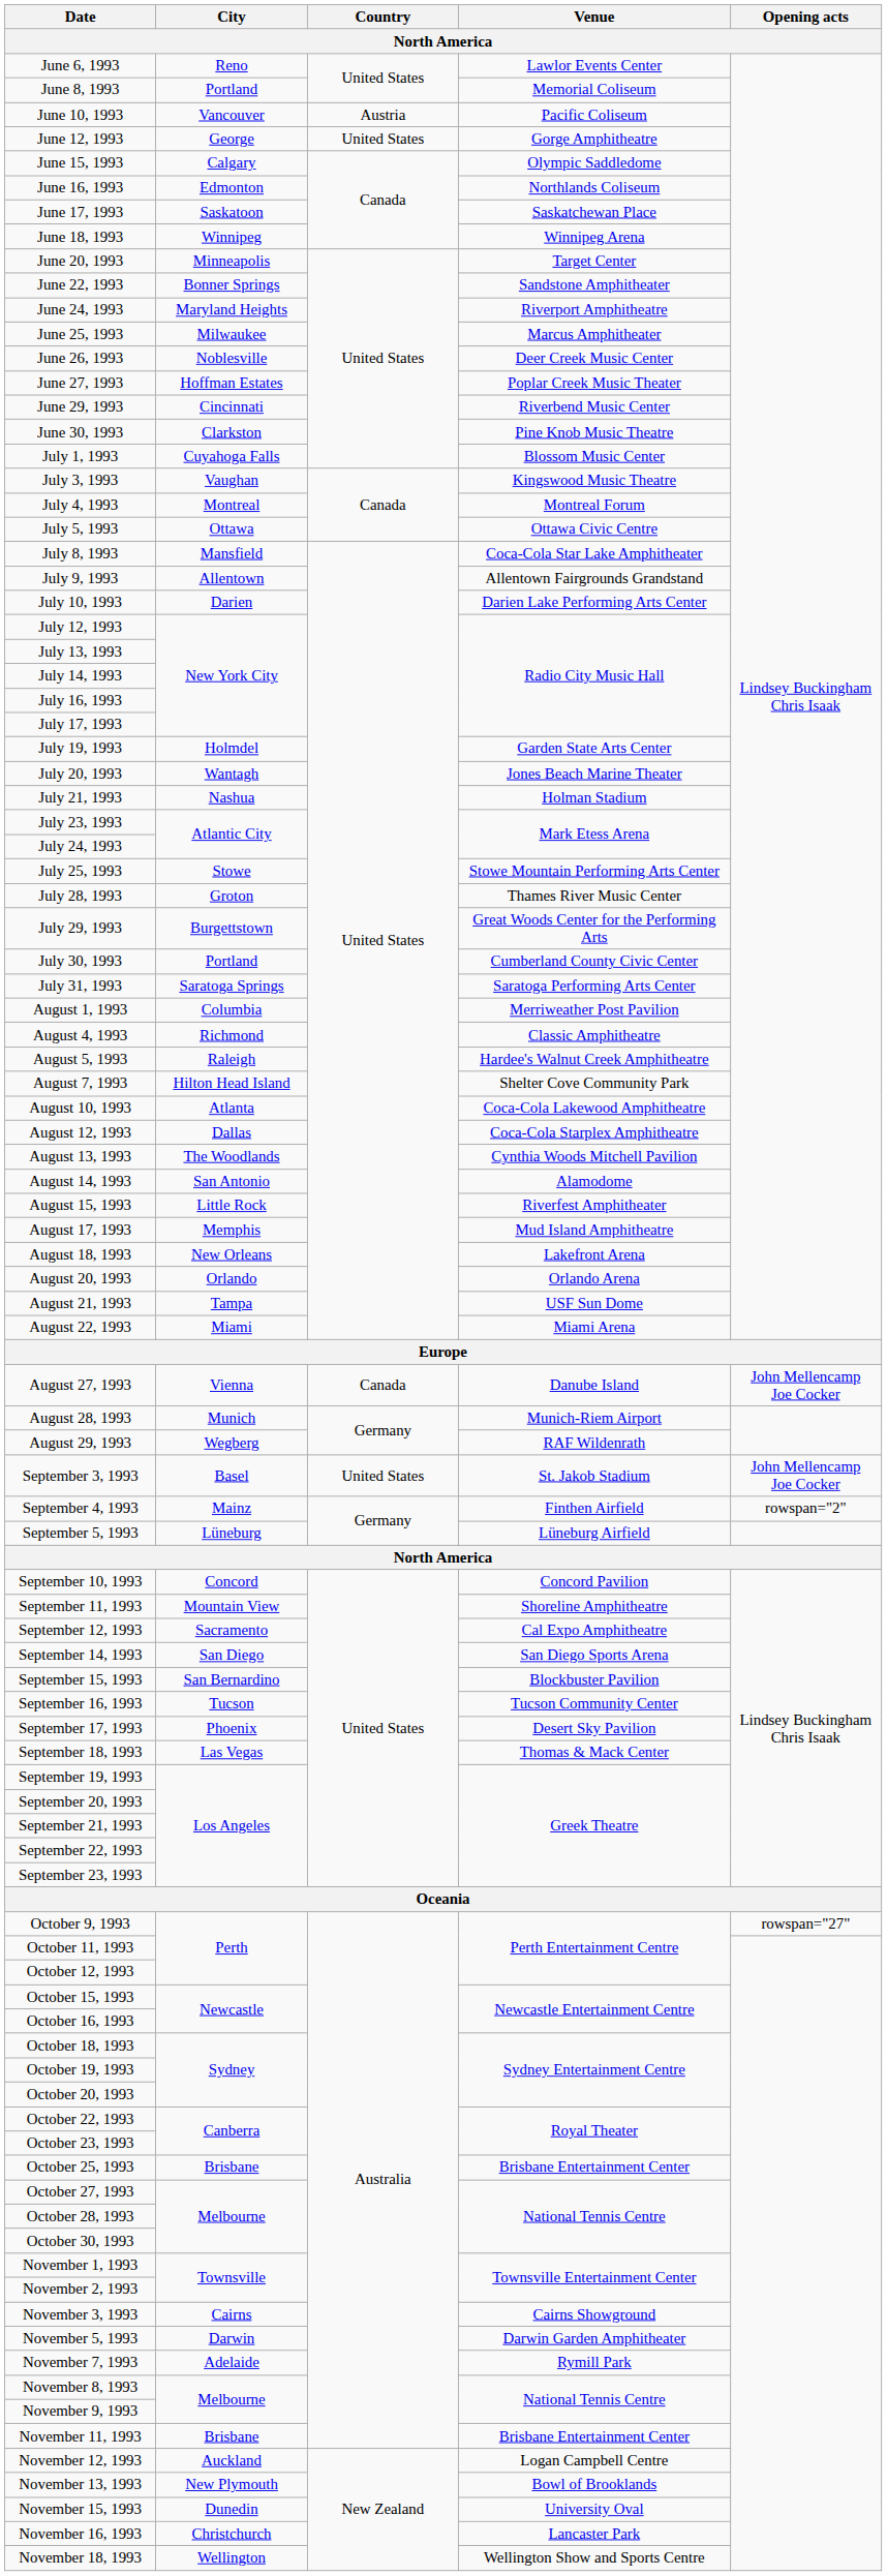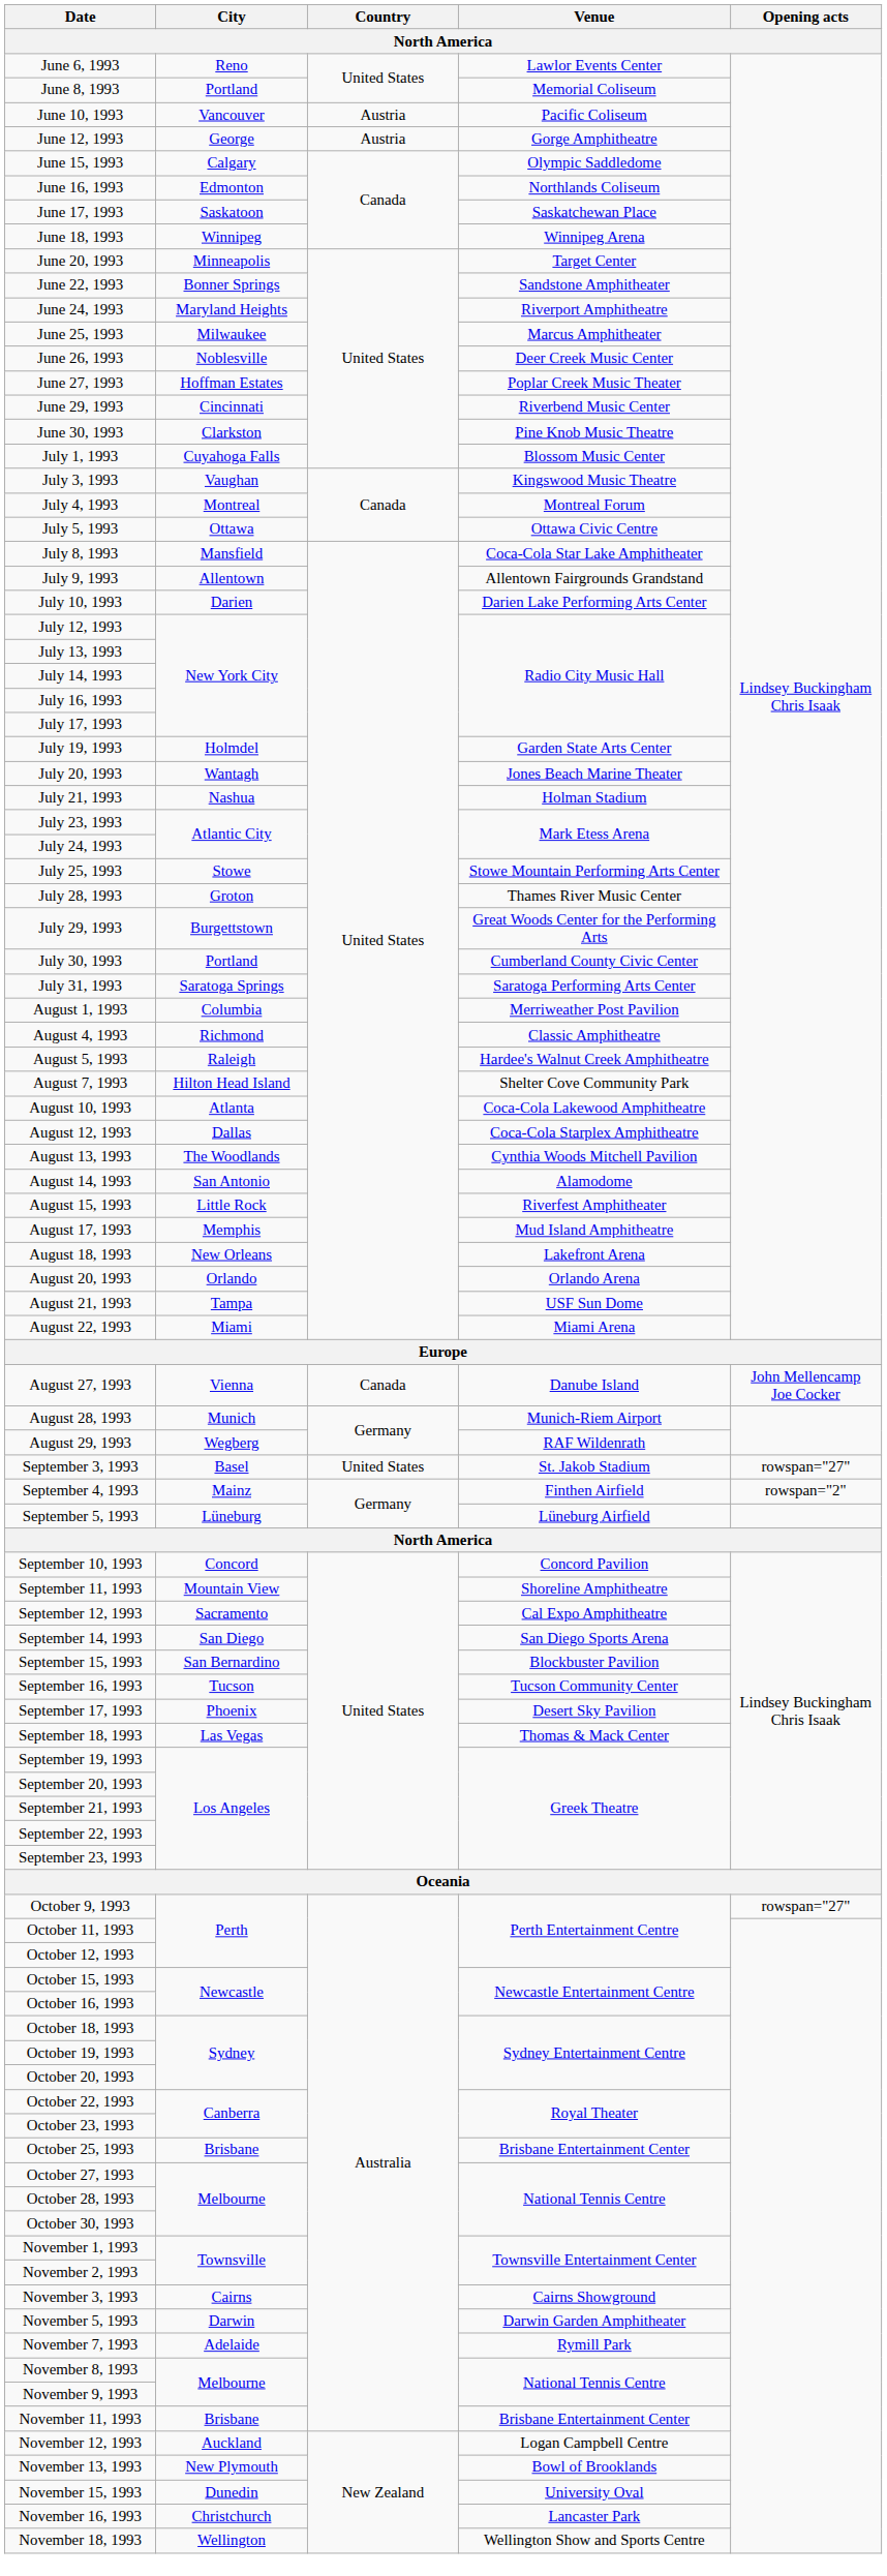 <table class="wikitable" style="text-align:center;">
 <tr>
 <th style="width:150px;">Date</th>
 <th style="width:150px;">City</th>
 <th style="width:150px;">Country</th>
 <th style="width:275px;">Venue</th>
 <th style="width:150px;">Opening acts</th>
 </tr>
 <tr>
 <th colspan="5">North America</th>
 </tr>
 <tr>
 <td>June 6, 1993</td>
 <td><a href='#'>Reno</a></td>
 <td rowspan="2">United States</td>
 <td><a href='#'>Lawlor Events Center</a></td>
 <td rowspan="52"><a href='#'>Lindsey Buckingham</a><br><a href='#'>Chris Isaak</a></td>
 </tr>
 <tr>
 <td>June 8, 1993</td>
 <td><a href='#'>Portland</a></td>
 <td><a href='#'>Memorial Coliseum</a></td>
 </tr>
 <tr>
 <td>June 10, 1993</td>
 <td><a href='#'>Vancouver</a></td>
 <td>Austria</td>
 <td><a href='#'>Pacific Coliseum</a></td>
 </tr>
 <tr>
 <td>June 12, 1993</td>
 <td><a href='#'>George</a></td>
-<td>United States</td>
+<td>Austria</td>
 <td><a href='#'>Gorge Amphitheatre</a></td>
 </tr>
 <tr>
 <td>June 15, 1993</td>
 <td><a href='#'>Calgary</a></td>
 <td rowspan="4">Canada</td>
 <td><a href='#'>Olympic Saddledome</a></td>
 </tr>
 <tr>
 <td>June 16, 1993</td>
 <td><a href='#'>Edmonton</a></td>
 <td><a href='#'>Northlands Coliseum</a></td>
 </tr>
 <tr>
 <td>June 17, 1993</td>
 <td><a href='#'>Saskatoon</a></td>
 <td><a href='#'>Saskatchewan Place</a></td>
 </tr>
 <tr>
 <td>June 18, 1993</td>
 <td><a href='#'>Winnipeg</a></td>
 <td><a href='#'>Winnipeg Arena</a></td>
 </tr>
 <tr>
 <td>June 20, 1993</td>
 <td><a href='#'>Minneapolis</a></td>
 <td rowspan="9">United States</td>
 <td><a href='#'>Target Center</a></td>
 </tr>
 <tr>
 <td>June 22, 1993</td>
 <td><a href='#'>Bonner Springs</a></td>
 <td><a href='#'>Sandstone Amphitheater</a></td>
 </tr>
 <tr>
 <td>June 24, 1993</td>
 <td><a href='#'>Maryland Heights</a></td>
 <td><a href='#'>Riverport Amphitheatre</a></td>
 </tr>
 <tr>
 <td>June 25, 1993</td>
 <td><a href='#'>Milwaukee</a></td>
 <td><a href='#'>Marcus Amphitheater</a></td>
 </tr>
 <tr>
 <td>June 26, 1993</td>
 <td><a href='#'>Noblesville</a></td>
 <td><a href='#'>Deer Creek Music Center</a></td>
 </tr>
 <tr>
 <td>June 27, 1993</td>
 <td><a href='#'>Hoffman Estates</a></td>
 <td><a href='#'>Poplar Creek Music Theater</a></td>
 </tr>
 <tr>
 <td>June 29, 1993</td>
 <td><a href='#'>Cincinnati</a></td>
 <td><a href='#'>Riverbend Music Center</a></td>
 </tr>
 <tr>
 <td>June 30, 1993</td>
 <td><a href='#'>Clarkston</a></td>
 <td><a href='#'>Pine Knob Music Theatre</a></td>
 </tr>
 <tr>
 <td>July 1, 1993</td>
 <td><a href='#'>Cuyahoga Falls</a></td>
 <td><a href='#'>Blossom Music Center</a></td>
 </tr>
 <tr>
 <td>July 3, 1993</td>
 <td><a href='#'>Vaughan</a></td>
 <td rowspan="3">Canada</td>
 <td><a href='#'>Kingswood Music Theatre</a></td>
 </tr>
 <tr>
 <td>July 4, 1993</td>
 <td><a href='#'>Montreal</a></td>
 <td><a href='#'>Montreal Forum</a></td>
 </tr>
 <tr>
 <td>July 5, 1993</td>
 <td><a href='#'>Ottawa</a></td>
 <td><a href='#'>Ottawa Civic Centre</a></td>
 </tr>
 <tr>
 <td>July 8, 1993</td>
 <td><a href='#'>Mansfield</a></td>
 <td rowspan="32">United States</td>
 <td><a href='#'>Coca-Cola Star Lake Amphitheater</a></td>
 </tr>
 <tr>
 <td>July 9, 1993</td>
 <td><a href='#'>Allentown</a></td>
 <td>Allentown Fairgrounds Grandstand</td>
 </tr>
 <tr>
 <td>July 10, 1993</td>
 <td><a href='#'>Darien</a></td>
 <td><a href='#'>Darien Lake Performing Arts Center</a></td>
 </tr>
 <tr>
 <td>July 12, 1993</td>
 <td rowspan="5"><a href='#'>New York City</a></td>
 <td rowspan="5"><a href='#'>Radio City Music Hall</a></td>
 </tr>
 <tr>
 <td>July 13, 1993</td>
 </tr>
 <tr>
 <td>July 14, 1993</td>
 </tr>
 <tr>
 <td>July 16, 1993</td>
 </tr>
 <tr>
 <td>July 17, 1993</td>
 </tr>
 <tr>
 <td>July 19, 1993</td>
 <td><a href='#'>Holmdel</a></td>
 <td><a href='#'>Garden State Arts Center</a></td>
 </tr>
 <tr>
 <td>July 20, 1993</td>
 <td><a href='#'>Wantagh</a></td>
 <td><a href='#'>Jones Beach Marine Theater</a></td>
 </tr>
 <tr>
 <td>July 21, 1993</td>
 <td><a href='#'>Nashua</a></td>
 <td><a href='#'>Holman Stadium</a></td>
 </tr>
 <tr>
 <td>July 23, 1993</td>
 <td rowspan="2"><a href='#'>Atlantic City</a></td>
 <td rowspan="2"><a href='#'>Mark Etess Arena</a></td>
 </tr>
 <tr>
 <td>July 24, 1993</td>
 </tr>
 <tr>
 <td>July 25, 1993</td>
 <td><a href='#'>Stowe</a></td>
 <td><a href='#'>Stowe Mountain Performing Arts Center</a></td>
 </tr>
 <tr>
 <td>July 28, 1993</td>
 <td><a href='#'>Groton</a></td>
 <td>Thames River Music Center</td>
 </tr>
 <tr>
 <td>July 29, 1993</td>
 <td><a href='#'>Burgettstown</a></td>
 <td><a href='#'>Great Woods Center for the Performing Arts</a></td>
 </tr>
 <tr>
 <td>July 30, 1993</td>
 <td><a href='#'>Portland</a></td>
 <td><a href='#'>Cumberland County Civic Center</a></td>
 </tr>
 <tr>
 <td>July 31, 1993</td>
 <td><a href='#'>Saratoga Springs</a></td>
 <td><a href='#'>Saratoga Performing Arts Center</a></td>
 </tr>
 <tr>
 <td>August 1, 1993</td>
 <td><a href='#'>Columbia</a></td>
 <td><a href='#'>Merriweather Post Pavilion</a></td>
 </tr>
 <tr>
 <td>August 4, 1993</td>
 <td><a href='#'>Richmond</a></td>
 <td><a href='#'>Classic Amphitheatre</a></td>
 </tr>
 <tr>
 <td>August 5, 1993</td>
 <td><a href='#'>Raleigh</a></td>
 <td><a href='#'>Hardee's Walnut Creek Amphitheatre</a></td>
 </tr>
 <tr>
 <td>August 7, 1993</td>
 <td><a href='#'>Hilton Head Island</a></td>
 <td>Shelter Cove Community Park</td>
 </tr>
 <tr>
 <td>August 10, 1993</td>
 <td><a href='#'>Atlanta</a></td>
 <td><a href='#'>Coca-Cola Lakewood Amphitheatre</a></td>
 </tr>
 <tr>
 <td>August 12, 1993</td>
 <td><a href='#'>Dallas</a></td>
 <td><a href='#'>Coca-Cola Starplex Amphitheatre</a></td>
 </tr>
 <tr>
 <td>August 13, 1993</td>
 <td><a href='#'>The Woodlands</a></td>
 <td><a href='#'>Cynthia Woods Mitchell Pavilion</a></td>
 </tr>
 <tr>
 <td>August 14, 1993</td>
 <td><a href='#'>San Antonio</a></td>
 <td><a href='#'>Alamodome</a></td>
 </tr>
 <tr>
 <td>August 15, 1993</td>
 <td><a href='#'>Little Rock</a></td>
 <td><a href='#'>Riverfest Amphitheater</a></td>
 </tr>
 <tr>
 <td>August 17, 1993</td>
 <td><a href='#'>Memphis</a></td>
 <td><a href='#'>Mud Island Amphitheatre</a></td>
 </tr>
 <tr>
 <td>August 18, 1993</td>
 <td><a href='#'>New Orleans</a></td>
 <td><a href='#'>Lakefront Arena</a></td>
 </tr>
 <tr>
 <td>August 20, 1993</td>
 <td><a href='#'>Orlando</a></td>
 <td><a href='#'>Orlando Arena</a></td>
 </tr>
 <tr>
 <td>August 21, 1993</td>
 <td><a href='#'>Tampa</a></td>
 <td><a href='#'>USF Sun Dome</a></td>
 </tr>
 <tr>
 <td>August 22, 1993</td>
 <td><a href='#'>Miami</a></td>
 <td><a href='#'>Miami Arena</a></td>
 </tr>
 <tr>
 <th colspan="5">Europe</th>
 </tr>
 <tr>
 <td>August 27, 1993</td>
 <td><a href='#'>Vienna</a></td>
 <td>Canada</td>
 <td><a href='#'>Danube Island</a></td>
 <td><a href='#'>John Mellencamp</a><br><a href='#'>Joe Cocker</a></td>
 </tr>
 <tr>
 <td>August 28, 1993</td>
 <td><a href='#'>Munich</a></td>
 <td rowspan="2">Germany</td>
 <td><a href='#'>Munich-Riem Airport</a></td>
 </tr>
 <tr>
 <td>August 29, 1993</td>
 <td><a href='#'>Wegberg</a></td>
 <td><a href='#'>RAF Wildenrath</a></td>
 </tr>
 <tr>
 <td>September 3, 1993</td>
 <td><a href='#'>Basel</a></td>
 <td>United States</td>
 <td><a href='#'>St. Jakob Stadium</a></td>
-<td><a href='#'>John Mellencamp</a><br><a href='#'>Joe Cocker</a></td>
+<td>rowspan="27" </td>
 </tr>
 <tr>
 <td>September 4, 1993</td>
 <td><a href='#'>Mainz</a></td>
 <td rowspan="2">Germany</td>
 <td><a href='#'>Finthen Airfield</a></td>
 <td>rowspan="2" </td>
 </tr>
 <tr>
 <td>September 5, 1993</td>
 <td><a href='#'>Lüneburg</a></td>
 <td><a href='#'>Lüneburg Airfield</a></td>
 </tr>
 <tr>
 <th colspan="5">North America</th>
 </tr>
 <tr>
 <td>September 10, 1993</td>
 <td><a href='#'>Concord</a></td>
 <td rowspan="13">United States</td>
 <td><a href='#'>Concord Pavilion</a></td>
 <td rowspan="13">Lindsey Buckingham<br>Chris Isaak</td>
 </tr>
 <tr>
 <td>September 11, 1993</td>
 <td><a href='#'>Mountain View</a></td>
 <td><a href='#'>Shoreline Amphitheatre</a></td>
 </tr>
 <tr>
 <td>September 12, 1993</td>
 <td><a href='#'>Sacramento</a></td>
 <td><a href='#'>Cal Expo Amphitheatre</a></td>
 </tr>
 <tr>
 <td>September 14, 1993</td>
 <td><a href='#'>San Diego</a></td>
 <td><a href='#'>San Diego Sports Arena</a></td>
 </tr>
 <tr>
 <td>September 15, 1993</td>
 <td><a href='#'>San Bernardino</a></td>
 <td><a href='#'>Blockbuster Pavilion</a></td>
 </tr>
 <tr>
 <td>September 16, 1993</td>
 <td><a href='#'>Tucson</a></td>
 <td><a href='#'>Tucson Community Center</a></td>
 </tr>
 <tr>
 <td>September 17, 1993</td>
 <td><a href='#'>Phoenix</a></td>
 <td><a href='#'>Desert Sky Pavilion</a></td>
 </tr>
 <tr>
 <td>September 18, 1993</td>
 <td><a href='#'>Las Vegas</a></td>
 <td><a href='#'>Thomas & Mack Center</a></td>
 </tr>
 <tr>
 <td>September 19, 1993</td>
 <td rowspan="5"><a href='#'>Los Angeles</a></td>
 <td rowspan="5"><a href='#'>Greek Theatre</a></td>
 </tr>
 <tr>
 <td>September 20, 1993</td>
 </tr>
 <tr>
 <td>September 21, 1993</td>
 </tr>
 <tr>
 <td>September 22, 1993</td>
 </tr>
 <tr>
 <td>September 23, 1993</td>
 </tr>
 <tr>
 <th colspan="5">Oceania</th>
 </tr>
 <tr>
 <td>October 9, 1993</td>
 <td rowspan="3"><a href='#'>Perth</a></td>
 <td rowspan="22">Australia</td>
 <td rowspan="3"><a href='#'>Perth Entertainment Centre</a></td>
 <td>rowspan="27" </td>
 </tr>
 <tr>
 <td>October 11, 1993</td>
 </tr>
 <tr>
 <td>October 12, 1993</td>
 </tr>
 <tr>
 <td>October 15, 1993</td>
 <td rowspan="2"><a href='#'>Newcastle</a></td>
 <td rowspan="2"><a href='#'>Newcastle Entertainment Centre</a></td>
 </tr>
 <tr>
 <td>October 16, 1993</td>
 </tr>
 <tr>
 <td>October 18, 1993</td>
 <td rowspan="3"><a href='#'>Sydney</a></td>
 <td rowspan="3"><a href='#'>Sydney Entertainment Centre</a></td>
 </tr>
 <tr>
 <td>October 19, 1993</td>
 </tr>
 <tr>
 <td>October 20, 1993</td>
 </tr>
 <tr>
 <td>October 22, 1993</td>
 <td rowspan="2"><a href='#'>Canberra</a></td>
 <td rowspan="2"><a href='#'>Royal Theater</a></td>
 </tr>
 <tr>
 <td>October 23, 1993</td>
 </tr>
 <tr>
 <td>October 25, 1993</td>
 <td><a href='#'>Brisbane</a></td>
 <td><a href='#'>Brisbane Entertainment Center</a></td>
 </tr>
 <tr>
 <td>October 27, 1993</td>
 <td rowspan="3"><a href='#'>Melbourne</a></td>
 <td rowspan="3"><a href='#'>National Tennis Centre</a></td>
 </tr>
 <tr>
 <td>October 28, 1993</td>
 </tr>
 <tr>
 <td>October 30, 1993</td>
 </tr>
 <tr>
 <td>November 1, 1993</td>
 <td rowspan="2"><a href='#'>Townsville</a></td>
 <td rowspan="2"><a href='#'>Townsville Entertainment Center</a></td>
 </tr>
 <tr>
 <td>November 2, 1993</td>
 </tr>
 <tr>
 <td>November 3, 1993</td>
 <td><a href='#'>Cairns</a></td>
 <td><a href='#'>Cairns Showground</a></td>
 </tr>
 <tr>
 <td>November 5, 1993</td>
 <td><a href='#'>Darwin</a></td>
 <td><a href='#'>Darwin Garden Amphitheater</a></td>
 </tr>
 <tr>
 <td>November 7, 1993</td>
 <td><a href='#'>Adelaide</a></td>
 <td><a href='#'>Rymill Park</a></td>
 </tr>
 <tr>
 <td>November 8, 1993</td>
 <td rowspan="2"><a href='#'>Melbourne</a></td>
 <td rowspan="2"><a href='#'>National Tennis Centre</a></td>
 </tr>
 <tr>
 <td>November 9, 1993</td>
 </tr>
 <tr>
 <td>November 11, 1993</td>
 <td><a href='#'>Brisbane</a></td>
 <td><a href='#'>Brisbane Entertainment Center</a></td>
 </tr>
 <tr>
 <td>November 12, 1993</td>
 <td><a href='#'>Auckland</a></td>
 <td rowspan="5">New Zealand</td>
 <td>Logan Campbell Centre</td>
 </tr>
 <tr>
 <td>November 13, 1993</td>
 <td><a href='#'>New Plymouth</a></td>
 <td><a href='#'>Bowl of Brooklands</a></td>
 </tr>
 <tr>
 <td>November 15, 1993</td>
 <td><a href='#'>Dunedin</a></td>
 <td><a href='#'>University Oval</a></td>
 </tr>
 <tr>
 <td>November 16, 1993</td>
 <td><a href='#'>Christchurch</a></td>
 <td><a href='#'>Lancaster Park</a></td>
 </tr>
 <tr>
 <td>November 18, 1993</td>
 <td><a href='#'>Wellington</a></td>
 <td>Wellington Show and Sports Centre</td>
 </tr>
 </table>
